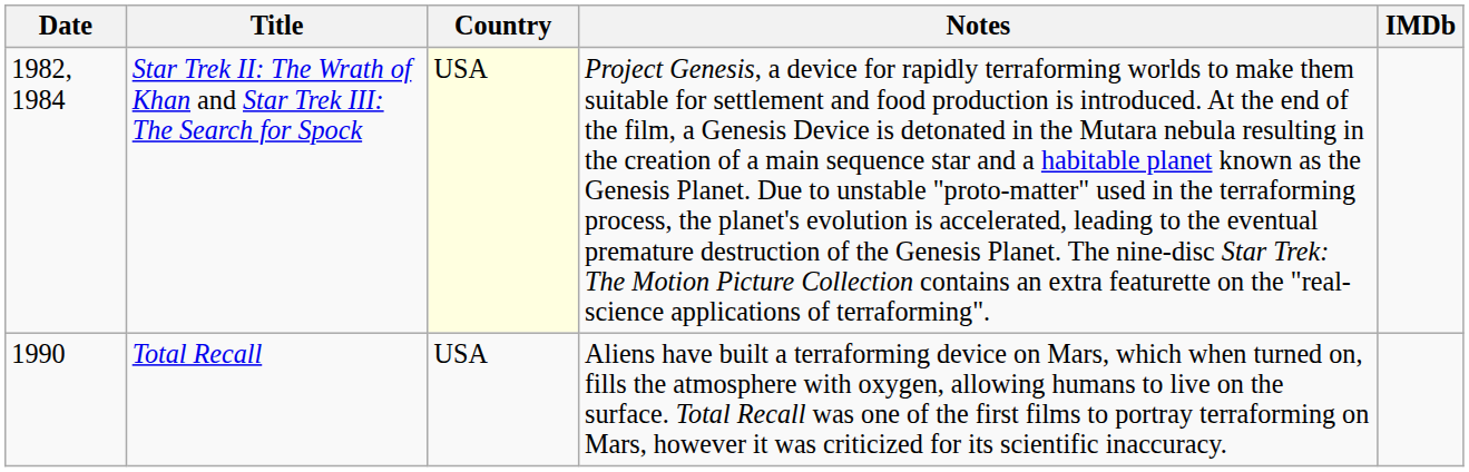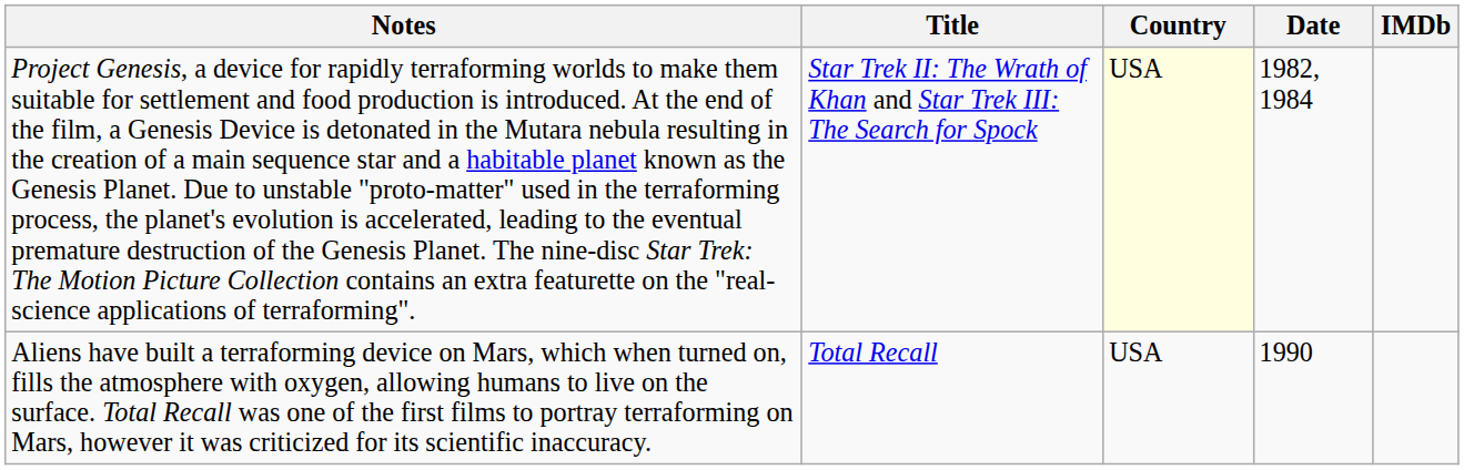 <table class="wikitable sortable">
 <tr>
-<th style="width:8%;">Date</th>
+<th style="width:53%;">Notes</th>
 <th style="width:20%;">Title</th>
 <th style="width:10%;">Country</th>
-<th style="width:53%;">Notes</th>
+<th style="width:8%;">Date</th>
 <th style="width:5%;" class="unsortable">IMDb</th>
 </tr>
 <tr valign="top">
-<td>1982, 1984</td>
+<td><em>Project Genesis</em>, a device for rapidly terraforming worlds to make them suitable for settlement and food production is introduced. At the end of the film, a Genesis Device is detonated in the Mutara nebula resulting in the creation of a main sequence star and a <a href='#'>habitable planet</a> known as the Genesis Planet. Due to unstable "proto-matter" used in the terraforming process, the planet's evolution is accelerated, leading to the eventual premature destruction of the Genesis Planet.  The nine-disc <em>Star Trek: The Motion Picture Collection</em> contains an extra featurette on the "real-science applications of terraforming".</td>
 <td><em><a href='#'>Star Trek II: The Wrath of Khan</a></em> and <em><a href='#'>Star Trek III: The Search for Spock</a></em></td>
 <td style="background: lightyellow;">USA</td>
-<td><em>Project Genesis</em>, a device for rapidly terraforming worlds to make them suitable for settlement and food production is introduced. At the end of the film, a Genesis Device is detonated in the Mutara nebula resulting in the creation of a main sequence star and a <a href='#'>habitable planet</a> known as the Genesis Planet. Due to unstable "proto-matter" used in the terraforming process, the planet's evolution is accelerated, leading to the eventual premature destruction of the Genesis Planet.  The nine-disc <em>Star Trek: The Motion Picture Collection</em> contains an extra featurette on the "real-science applications of terraforming".</td>
+<td>1982, 1984</td>
 <td> </td>
 </tr>
 <tr valign="top">
-<td>1990</td>
+<td>Aliens have built a terraforming device on Mars, which when turned on, fills the atmosphere with oxygen, allowing humans to live on the surface.    <em>Total Recall</em> was one of the first films to portray terraforming on Mars, however it was criticized for its scientific inaccuracy.</td>
 <td><em><a href='#'>Total Recall</a></em></td>
 <td>USA</td>
-<td>Aliens have built a terraforming device on Mars, which when turned on, fills the atmosphere with oxygen, allowing humans to live on the surface.    <em>Total Recall</em> was one of the first films to portray terraforming on Mars, however it was criticized for its scientific inaccuracy.</td>
+<td>1990</td>
 <td></td>
 </tr>
 </table>
